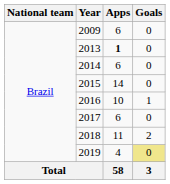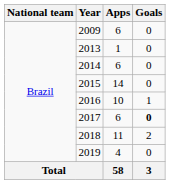 <table class="wikitable" style="text-align:center">
 <tr>
 <th>National team</th>
 <th>Year</th>
 <th>Apps</th>
 <th>Goals</th>
 </tr>
 <tr>
 <td rowspan="8"><a href='#'>Brazil</a></td>
 <td>2009</td>
 <td>6</td>
 <td>0</td>
 </tr>
 <tr>
 <td>2013</td>
-<td><strong>1</strong></td>
+<td>1</td>
 <td>0</td>
 </tr>
 <tr>
 <td>2014</td>
 <td>6</td>
 <td>0</td>
 </tr>
 <tr>
 <td>2015</td>
 <td>14</td>
 <td>0</td>
 </tr>
 <tr>
 <td>2016</td>
 <td>10</td>
 <td>1</td>
 </tr>
 <tr>
 <td>2017</td>
 <td>6</td>
-<td>0</td>
+<td><strong>0</strong></td>
 </tr>
 <tr>
 <td>2018</td>
 <td>11</td>
 <td>2</td>
 </tr>
 <tr>
 <td>2019</td>
 <td>4</td>
-<td style="background: khaki;">0</td>
+<td>0</td>
 </tr>
 <tr>
 <th colspan="2">Total</th>
 <th>58</th>
 <th>3</th>
 </tr>
 </table>
